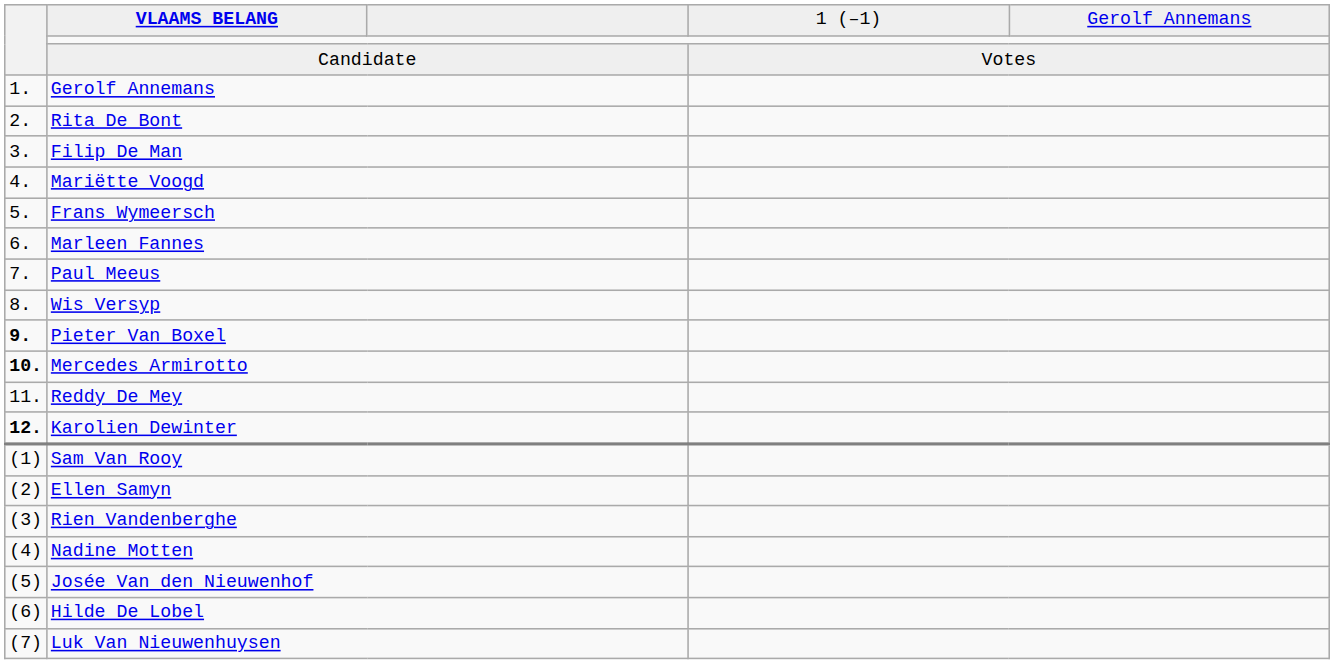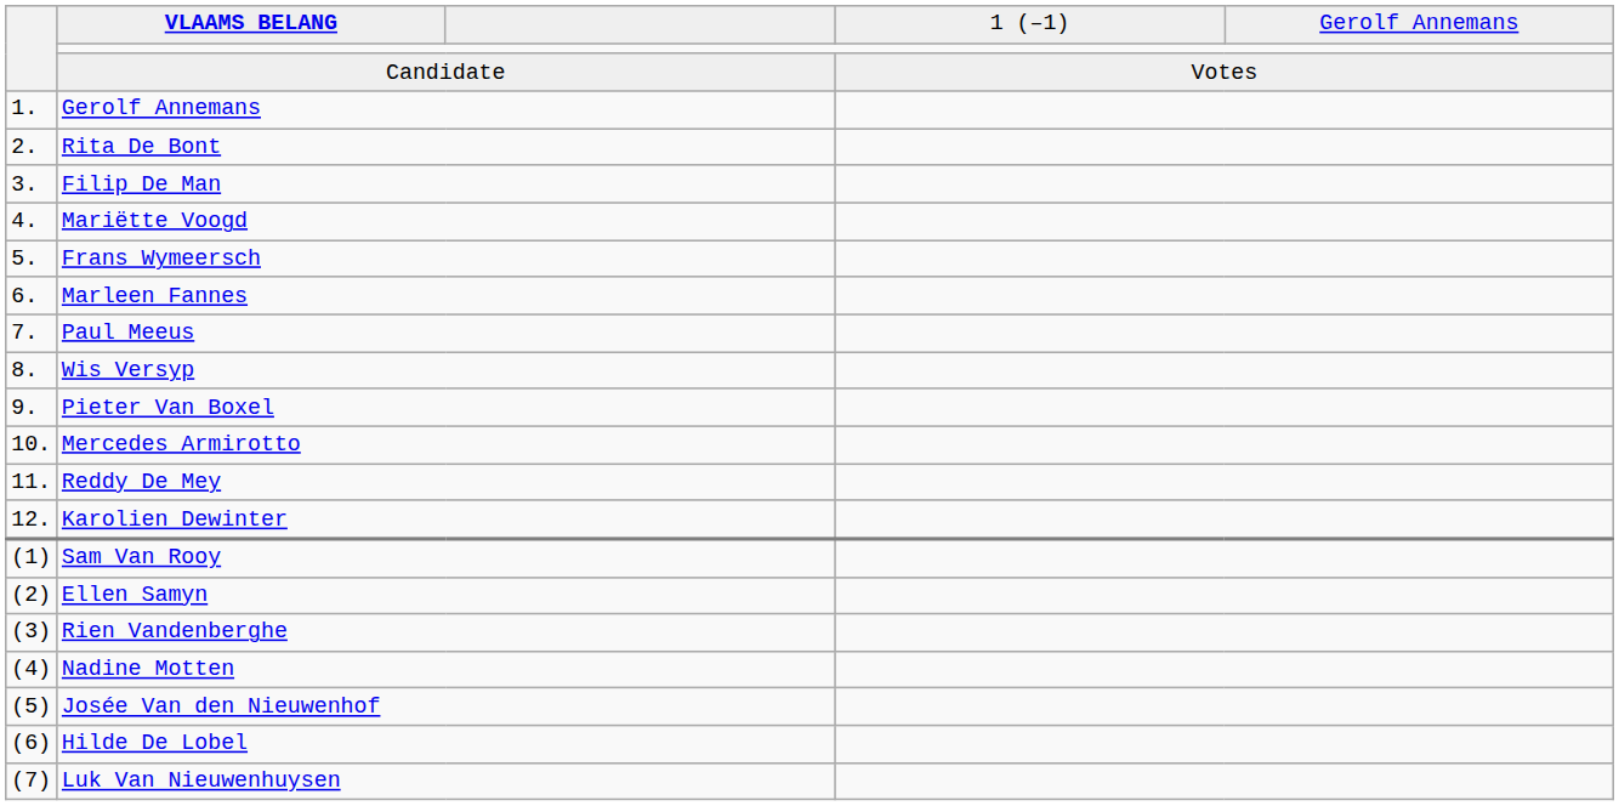 <table class="wikitable collapsible collapsed" style=text-align:left;font-size:90%>
 <tr>
 <th rowspan=3></th>
 <td bgcolor=efefef width=200 align=center><strong> <a href='#'>VLAAMS BELANG</a></strong></td>
 <td bgcolor=efefef width=200 align=center></td>
 <td bgcolor=efefef width=200 align=center>1 (–1)</td>
 <td bgcolor=efefef width=200 align=center><a href='#'>Gerolf Annemans</a></td>
 </tr>
 <tr>
 <td colspan=4 bgcolor=></td>
 </tr>
 <tr>
 <td bgcolor=efefef align=center colspan=2>Candidate</td>
 <td bgcolor=efefef align=center colspan=2>Votes</td>
 </tr>
 <tr>
 <td>1.</td>
 <td colspan=2><a href='#'>Gerolf Annemans</a></td>
 <td colspan=2></td>
 </tr>
 <tr>
 <td>2.</td>
 <td colspan=2><a href='#'>Rita De Bont</a></td>
 <td colspan=2></td>
 </tr>
 <tr>
 <td>3.</td>
 <td colspan=2><a href='#'>Filip De Man</a></td>
 <td colspan=2></td>
 </tr>
 <tr>
 <td>4.</td>
 <td colspan=2><a href='#'>Mariëtte Voogd</a></td>
 <td colspan=2></td>
 </tr>
 <tr>
 <td>5.</td>
 <td colspan=2><a href='#'>Frans Wymeersch</a></td>
 <td colspan=2></td>
 </tr>
 <tr>
 <td>6.</td>
 <td colspan=2><a href='#'>Marleen Fannes</a></td>
 <td colspan=2></td>
 </tr>
 <tr>
 <td>7.</td>
 <td colspan=2><a href='#'>Paul Meeus</a></td>
 <td colspan=2></td>
 </tr>
 <tr>
 <td>8.</td>
 <td colspan=2><a href='#'>Wis Versyp</a></td>
 <td colspan=2></td>
 </tr>
 <tr>
-<td><strong>9.</strong></td>
+<td>9.</td>
 <td colspan=2><a href='#'>Pieter Van Boxel</a></td>
 <td colspan=2></td>
 </tr>
 <tr>
-<td><strong>10.</strong></td>
+<td>10.</td>
 <td colspan=2><a href='#'>Mercedes Armirotto</a></td>
 <td colspan=2></td>
 </tr>
 <tr>
 <td>11.</td>
 <td colspan=2><a href='#'>Reddy De Mey</a></td>
 <td colspan=2></td>
 </tr>
 <tr>
-<td><strong>12.</strong></td>
+<td>12.</td>
 <td colspan=2><a href='#'>Karolien Dewinter</a></td>
 <td colspan=2></td>
 </tr>
 <tr style="border-top:2px solid gray;">
 <td>(1)</td>
 <td colspan=2><a href='#'>Sam Van Rooy</a></td>
 <td colspan=2></td>
 </tr>
 <tr>
 <td>(2)</td>
 <td colspan=2><a href='#'>Ellen Samyn</a></td>
 <td colspan=2></td>
 </tr>
 <tr>
 <td>(3)</td>
 <td colspan=2><a href='#'>Rien Vandenberghe</a></td>
 <td colspan=2></td>
 </tr>
 <tr>
 <td>(4)</td>
 <td colspan=2><a href='#'>Nadine Motten</a></td>
 <td colspan=2></td>
 </tr>
 <tr>
 <td>(5)</td>
 <td colspan=2><a href='#'>Josée Van den Nieuwenhof</a></td>
 <td colspan=2></td>
 </tr>
 <tr>
 <td>(6)</td>
 <td colspan=2><a href='#'>Hilde De Lobel</a></td>
 <td colspan=2></td>
 </tr>
 <tr>
 <td>(7)</td>
 <td colspan=2><a href='#'>Luk Van Nieuwenhuysen</a></td>
 <td colspan=2></td>
 </tr>
 </table>
